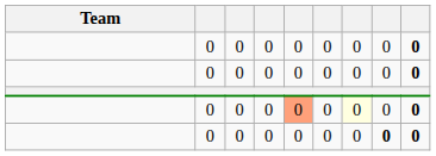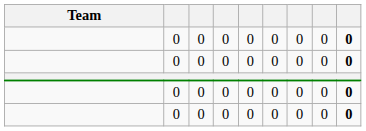 <table class="wikitable" style="text-align: center;">
 <tr>
 <th width=170>Team</th>
 <th width=20></th>
 <th width=20></th>
 <th width=20></th>
 <th width=20></th>
 <th width=20></th>
 <th width=20></th>
 <th width=20></th>
 <th width=20></th>
 </tr>
 <tr>
 <td align="left"></td>
 <td>0</td>
 <td>0</td>
 <td>0</td>
 <td>0</td>
 <td>0</td>
 <td>0</td>
 <td>0</td>
 <td><strong>0</strong></td>
 </tr>
 <tr>
 <td align="left"></td>
 <td>0</td>
 <td>0</td>
 <td>0</td>
 <td>0</td>
 <td>0</td>
 <td>0</td>
 <td>0</td>
 <td><strong>0</strong></td>
 </tr>
 <tr>
 <th colspan=9 style="border-bottom:2px solid green"></th>
 </tr>
 <tr>
 <td align="left"></td>
 <td>0</td>
 <td>0</td>
 <td>0</td>
-<td style="background: lightsalmon;">0</td>
 <td>0</td>
-<td style="background: lightyellow;">0</td>
+<td>0</td>
+<td>0</td>
 <td>0</td>
 <td><strong>0</strong></td>
 </tr>
 <tr>
 <td align="left"></td>
 <td>0</td>
 <td>0</td>
 <td>0</td>
 <td>0</td>
 <td>0</td>
 <td>0</td>
-<td><strong>0</strong></td>
+<td>0</td>
 <td><strong>0</strong></td>
 </tr>
 </table>
